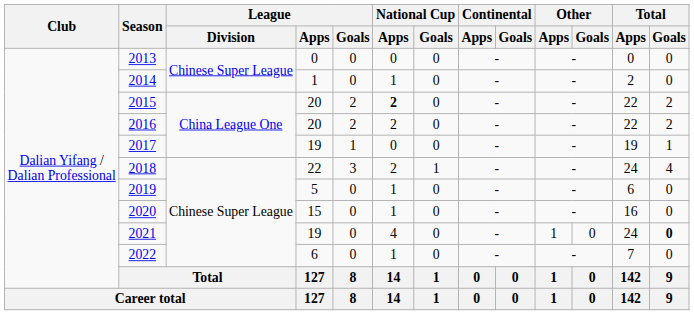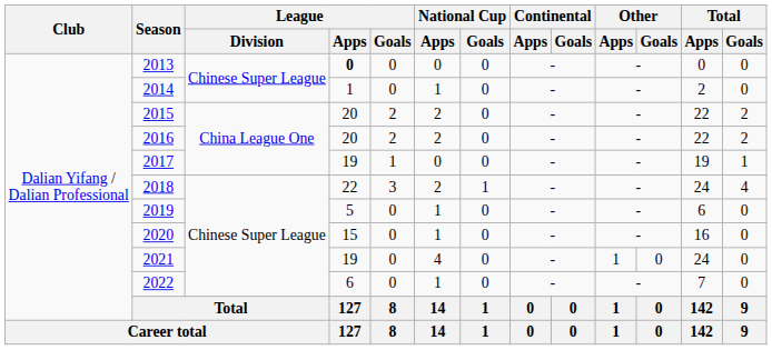 <table class="wikitable" style="text-align: center">
 <tr>
 <th rowspan="2">Club</th>
 <th rowspan="2">Season</th>
 <th colspan="3">League</th>
 <th colspan="2">National Cup</th>
 <th colspan="2">Continental</th>
 <th colspan="2">Other</th>
 <th colspan="2">Total</th>
 </tr>
 <tr>
 <th>Division</th>
 <th>Apps</th>
 <th>Goals</th>
 <th>Apps</th>
 <th>Goals</th>
 <th>Apps</th>
 <th>Goals</th>
 <th>Apps</th>
 <th>Goals</th>
 <th>Apps</th>
 <th>Goals</th>
 </tr>
 <tr>
 <td rowspan="11"><a href='#'>Dalian Yifang</a> /<br><a href='#'>Dalian Professional</a></td>
 <td><a href='#'>2013</a></td>
 <td rowspan="2"><a href='#'>Chinese Super League</a></td>
-<td>0</td>
+<td><strong>0</strong></td>
 <td>0</td>
 <td>0</td>
 <td>0</td>
 <td colspan="2">-</td>
 <td colspan="2">-</td>
 <td>0</td>
 <td>0</td>
 </tr>
 <tr>
 <td><a href='#'>2014</a></td>
 <td>1</td>
 <td>0</td>
 <td>1</td>
 <td>0</td>
 <td colspan="2">-</td>
 <td colspan="2">-</td>
 <td>2</td>
 <td>0</td>
 </tr>
 <tr>
 <td><a href='#'>2015</a></td>
 <td rowspan="3"><a href='#'>China League One</a></td>
 <td>20</td>
 <td>2</td>
-<td><strong>2</strong></td>
+<td>2</td>
 <td>0</td>
 <td colspan="2">-</td>
 <td colspan="2">-</td>
 <td>22</td>
 <td>2</td>
 </tr>
 <tr>
 <td><a href='#'>2016</a></td>
 <td>20</td>
 <td>2</td>
 <td>2</td>
 <td>0</td>
 <td colspan="2">-</td>
 <td colspan="2">-</td>
 <td>22</td>
 <td>2</td>
 </tr>
 <tr>
 <td><a href='#'>2017</a></td>
 <td>19</td>
 <td>1</td>
 <td>0</td>
 <td>0</td>
 <td colspan="2">-</td>
 <td colspan="2">-</td>
 <td>19</td>
 <td>1</td>
 </tr>
 <tr>
 <td><a href='#'>2018</a></td>
 <td rowspan="5">Chinese Super League</td>
 <td>22</td>
 <td>3</td>
 <td>2</td>
 <td>1</td>
 <td colspan="2">-</td>
 <td colspan="2">-</td>
 <td>24</td>
 <td>4</td>
 </tr>
 <tr>
 <td><a href='#'>2019</a></td>
 <td>5</td>
 <td>0</td>
 <td>1</td>
 <td>0</td>
 <td colspan="2">-</td>
 <td colspan="2">-</td>
 <td>6</td>
 <td>0</td>
 </tr>
 <tr>
 <td><a href='#'>2020</a></td>
 <td>15</td>
 <td>0</td>
 <td>1</td>
 <td>0</td>
 <td colspan="2">-</td>
 <td colspan="2">-</td>
 <td>16</td>
 <td>0</td>
 </tr>
 <tr>
 <td><a href='#'>2021</a></td>
 <td>19</td>
 <td>0</td>
 <td>4</td>
 <td>0</td>
 <td colspan="2">-</td>
 <td>1</td>
 <td>0</td>
 <td>24</td>
-<td><strong>0</strong></td>
+<td>0</td>
 </tr>
 <tr>
 <td><a href='#'>2022</a></td>
 <td>6</td>
 <td>0</td>
 <td>1</td>
 <td>0</td>
 <td colspan="2">-</td>
 <td colspan="2">-</td>
 <td>7</td>
 <td>0</td>
 </tr>
 <tr>
 <th colspan="2">Total</th>
 <th>127</th>
 <th>8</th>
 <th>14</th>
 <th>1</th>
 <th>0</th>
 <th>0</th>
 <th>1</th>
 <th>0</th>
 <th>142</th>
 <th>9</th>
 </tr>
 <tr>
 <th colspan=3>Career total</th>
 <th>127</th>
 <th>8</th>
 <th>14</th>
 <th>1</th>
 <th>0</th>
 <th>0</th>
 <th>1</th>
 <th>0</th>
 <th>142</th>
 <th>9</th>
 </tr>
 </table>
